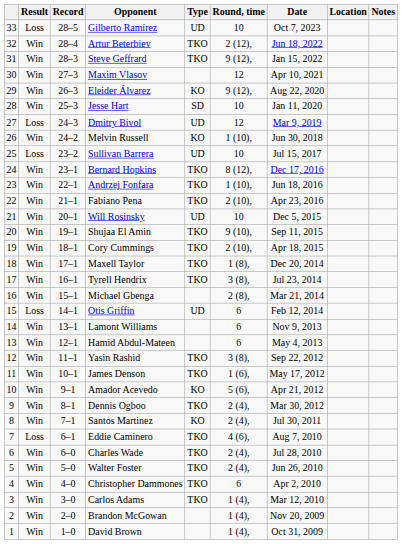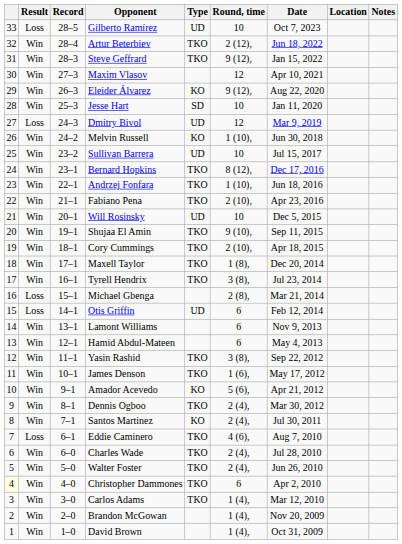 <table class="wikitable" style="text-align:center">
 <tr>
 <th></th>
 <th>Result</th>
 <th>Record</th>
 <th>Opponent</th>
 <th>Type</th>
 <th>Round, time</th>
 <th>Date</th>
 <th>Location</th>
 <th>Notes</th>
 </tr>
 <tr>
 <td>33</td>
 <td>Loss</td>
 <td>28–5</td>
 <td style="text-align:left;"><a href='#'>Gilberto Ramírez</a></td>
 <td>UD</td>
 <td>10</td>
 <td>Oct 7, 2023</td>
 <td style="text-align:left;"></td>
 <td></td>
 </tr>
 <tr>
 <td>32</td>
 <td>Win</td>
 <td>28–4</td>
 <td style="text-align:left;"><a href='#'>Artur Beterbiev</a></td>
 <td>TKO</td>
 <td>2 (12), </td>
 <td><a href='#'>Jun 18, 2022</a></td>
 <td style="text-align:left;"></td>
 <td style="text-align:left;"></td>
 </tr>
 <tr>
 <td>31</td>
 <td>Win</td>
 <td>28–3</td>
 <td style="text-align:left;"><a href='#'>Steve Geffrard</a></td>
 <td>TKO</td>
 <td>9 (12), </td>
 <td>Jan 15, 2022</td>
 <td style="text-align:left;"></td>
 <td style="text-align:left;"></td>
 </tr>
 <tr>
 <td>30</td>
 <td>Win</td>
 <td>27–3</td>
 <td style="text-align:left;"><a href='#'>Maxim Vlasov</a></td>
 <td></td>
 <td>12</td>
 <td>Apr 10, 2021</td>
 <td style="text-align:left;"></td>
 <td style="text-align:left;"></td>
 </tr>
 <tr>
 <td>29</td>
 <td>Win</td>
 <td>26–3</td>
 <td style="text-align:left;"><a href='#'>Eleider Álvarez</a></td>
 <td>KO</td>
 <td>9 (12), </td>
 <td>Aug 22, 2020</td>
 <td style="text-align:left;"></td>
 <td></td>
 </tr>
 <tr>
 <td>28</td>
 <td>Win</td>
 <td>25–3</td>
 <td style="text-align:left;"><a href='#'>Jesse Hart</a></td>
 <td>SD</td>
 <td>10</td>
 <td>Jan 11, 2020</td>
 <td style="text-align:left;"></td>
 <td style="text-align:left;"></td>
 </tr>
 <tr>
 <td>27</td>
 <td>Loss</td>
 <td>24–3</td>
 <td style="text-align:left;"><a href='#'>Dmitry Bivol</a></td>
 <td>UD</td>
 <td>12</td>
 <td><a href='#'>Mar 9, 2019</a></td>
 <td style="text-align:left;"></td>
 <td style="text-align:left;"></td>
 </tr>
 <tr>
 <td>26</td>
 <td>Win</td>
 <td>24–2</td>
 <td style="text-align:left;">Melvin Russell</td>
 <td>KO</td>
 <td>1 (10), </td>
 <td>Jun 30, 2018</td>
 <td style="text-align:left;"></td>
 <td></td>
 </tr>
 <tr>
 <td>25</td>
-<td>Loss</td>
+<td>Win</td>
 <td>23–2</td>
 <td style="text-align:left;"><a href='#'>Sullivan Barrera</a></td>
 <td>UD</td>
 <td>10</td>
 <td>Jul 15, 2017</td>
 <td style="text-align:left;"></td>
 <td style="text-align:left;"></td>
 </tr>
 <tr>
 <td>24</td>
 <td>Win</td>
 <td>23–1</td>
 <td style="text-align:left;"><a href='#'>Bernard Hopkins</a></td>
 <td>TKO</td>
 <td>8 (12), </td>
 <td><a href='#'>Dec 17, 2016</a></td>
 <td style="text-align:left;"></td>
 <td style="text-align:left;"></td>
 </tr>
 <tr>
 <td>23</td>
 <td>Win</td>
 <td>22–1</td>
 <td style="text-align:left;"><a href='#'>Andrzej Fonfara</a></td>
 <td>TKO</td>
 <td>1 (10), </td>
 <td>Jun 18, 2016</td>
 <td style="text-align:left;"></td>
 <td style="text-align:left;"></td>
 </tr>
 <tr>
 <td>22</td>
 <td>Win</td>
 <td>21–1</td>
 <td style="text-align:left;">Fabiano Pena</td>
 <td>TKO</td>
 <td>2 (10), </td>
 <td>Apr 23, 2016</td>
 <td style="text-align:left;"></td>
 <td></td>
 </tr>
 <tr>
 <td>21</td>
 <td>Win</td>
 <td>20–1</td>
 <td style="text-align:left;"><a href='#'>Will Rosinsky</a></td>
 <td>UD</td>
 <td>10</td>
 <td>Dec 5, 2015</td>
 <td style="text-align:left;"></td>
 <td></td>
 </tr>
 <tr>
 <td>20</td>
 <td>Win</td>
 <td>19–1</td>
 <td style="text-align:left;">Shujaa El Amin</td>
 <td>TKO</td>
 <td>9 (10), </td>
 <td>Sep 11, 2015</td>
 <td style="text-align:left;"></td>
 <td></td>
 </tr>
 <tr>
 <td>19</td>
 <td>Win</td>
 <td>18–1</td>
 <td style="text-align:left;">Cory Cummings</td>
 <td>TKO</td>
 <td>2 (10), </td>
 <td>Apr 18, 2015</td>
 <td style="text-align:left;"></td>
 <td></td>
 </tr>
 <tr>
 <td>18</td>
 <td>Win</td>
 <td>17–1</td>
 <td style="text-align:left;">Maxell Taylor</td>
 <td>TKO</td>
 <td>1 (8), </td>
 <td>Dec 20, 2014</td>
 <td style="text-align:left;"></td>
 <td></td>
 </tr>
 <tr>
 <td>17</td>
 <td>Win</td>
 <td>16–1</td>
 <td style="text-align:left;">Tyrell Hendrix</td>
 <td>TKO</td>
 <td>3 (8), </td>
 <td>Jul 23, 2014</td>
 <td style="text-align:left;"></td>
 <td></td>
 </tr>
 <tr>
 <td>16</td>
-<td>Win</td>
+<td>Loss</td>
 <td>15–1</td>
 <td style="text-align:left;">Michael Gbenga</td>
 <td></td>
 <td>2 (8), </td>
 <td>Mar 21, 2014</td>
 <td style="text-align:left;"></td>
 <td></td>
 </tr>
 <tr>
 <td>15</td>
 <td>Loss</td>
 <td>14–1</td>
 <td style="text-align:left;"><a href='#'>Otis Griffin</a></td>
 <td>UD</td>
 <td>6</td>
 <td>Feb 12, 2014</td>
 <td style="text-align:left;"></td>
 <td></td>
 </tr>
 <tr>
 <td>14</td>
 <td>Win</td>
 <td>13–1</td>
 <td style="text-align:left;">Lamont Williams</td>
 <td></td>
 <td>6</td>
 <td>Nov 9, 2013</td>
 <td style="text-align:left;"></td>
 <td></td>
 </tr>
 <tr>
 <td>13</td>
 <td>Win</td>
 <td>12–1</td>
 <td style="text-align:left;">Hamid Abdul-Mateen</td>
 <td></td>
 <td>6</td>
 <td>May 4, 2013</td>
 <td style="text-align:left;"></td>
 <td></td>
 </tr>
 <tr>
 <td>12</td>
 <td>Win</td>
 <td>11–1</td>
 <td style="text-align:left;">Yasin Rashid</td>
 <td>TKO</td>
 <td>3 (8), </td>
 <td>Sep 22, 2012</td>
 <td style="text-align:left;"></td>
 <td></td>
 </tr>
 <tr>
 <td>11</td>
 <td>Win</td>
 <td>10–1</td>
 <td style="text-align:left;">James Denson</td>
 <td>TKO</td>
 <td>1 (6), </td>
 <td>May 17, 2012</td>
 <td style="text-align:left;"></td>
 <td></td>
 </tr>
 <tr>
 <td>10</td>
 <td>Win</td>
 <td>9–1</td>
 <td style="text-align:left;">Amador Acevedo</td>
 <td>KO</td>
 <td>5 (6), </td>
 <td>Apr 21, 2012</td>
 <td style="text-align:left;"></td>
 <td></td>
 </tr>
 <tr>
 <td>9</td>
 <td>Win</td>
 <td>8–1</td>
 <td style="text-align:left;">Dennis Ogboo</td>
 <td>TKO</td>
 <td>2 (4), </td>
 <td>Mar 30, 2012</td>
 <td style="text-align:left;"></td>
 <td></td>
 </tr>
 <tr>
 <td>8</td>
 <td>Win</td>
 <td>7–1</td>
 <td style="text-align:left;">Santos Martinez</td>
 <td>KO</td>
 <td>2 (4), </td>
 <td>Jul 30, 2011</td>
 <td style="text-align:left;"></td>
 <td></td>
 </tr>
 <tr>
 <td>7</td>
 <td>Loss</td>
 <td>6–1</td>
 <td style="text-align:left;">Eddie Caminero</td>
 <td>TKO</td>
 <td>4 (6), </td>
 <td>Aug 7, 2010</td>
 <td style="text-align:left;"></td>
 <td></td>
 </tr>
 <tr>
 <td>6</td>
 <td>Win</td>
 <td>6–0</td>
 <td style="text-align:left;">Charles Wade</td>
 <td>TKO</td>
 <td>2 (4), </td>
 <td>Jul 28, 2010</td>
 <td style="text-align:left;"></td>
 <td></td>
 </tr>
 <tr>
 <td>5</td>
 <td>Win</td>
 <td>5–0</td>
 <td style="text-align:left;">Walter Foster</td>
 <td>TKO</td>
 <td>2 (4), </td>
 <td>Jun 26, 2010</td>
 <td style="text-align:left;"></td>
 <td></td>
 </tr>
 <tr>
-<td>4</td>
+<td style="background: lightyellow;">4</td>
 <td>Win</td>
 <td>4–0</td>
 <td style="text-align:left;">Christopher Dammones</td>
 <td>TKO</td>
 <td>6</td>
 <td>Apr 2, 2010</td>
 <td style="text-align:left;"></td>
 <td></td>
 </tr>
 <tr>
 <td>3</td>
 <td>Win</td>
 <td>3–0</td>
 <td style="text-align:left;">Carlos Adams</td>
 <td>TKO</td>
 <td>1 (4), </td>
 <td>Mar 12, 2010</td>
 <td style="text-align:left;"></td>
 <td></td>
 </tr>
 <tr>
 <td>2</td>
 <td>Win</td>
 <td>2–0</td>
 <td style="text-align:left;">Brandon McGowan</td>
 <td></td>
 <td>1 (4), </td>
 <td>Nov 20, 2009</td>
 <td style="text-align:left;"></td>
 <td></td>
 </tr>
 <tr>
 <td>1</td>
 <td>Win</td>
 <td>1–0</td>
 <td style="text-align:left;">David Brown</td>
 <td></td>
 <td>1 (4), </td>
 <td>Oct 31, 2009</td>
 <td style="text-align:left;"></td>
 <td></td>
 </tr>
 </table>
